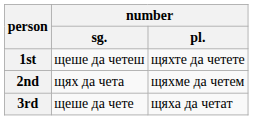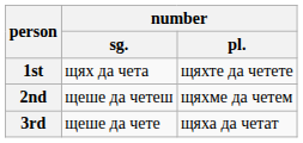 <table class="wikitable">
 <tr>
 <th rowspan="2">person</th>
 <th colspan="2">number</th>
 </tr>
 <tr>
 <th>sg.</th>
 <th>pl.</th>
 </tr>
 <tr>
 <th>1st</th>
-<td>щеше да четеш</td>
+<td>щях да чета</td>
 <td>щяхте да четете</td>
 </tr>
 <tr>
 <th>2nd</th>
-<td>щях да чета</td>
+<td>щеше да четеш</td>
 <td>щяхме да четем</td>
 </tr>
 <tr>
 <th>3rd</th>
 <td>щеше да чете</td>
 <td>щяха да четат</td>
 </tr>
 </table>
